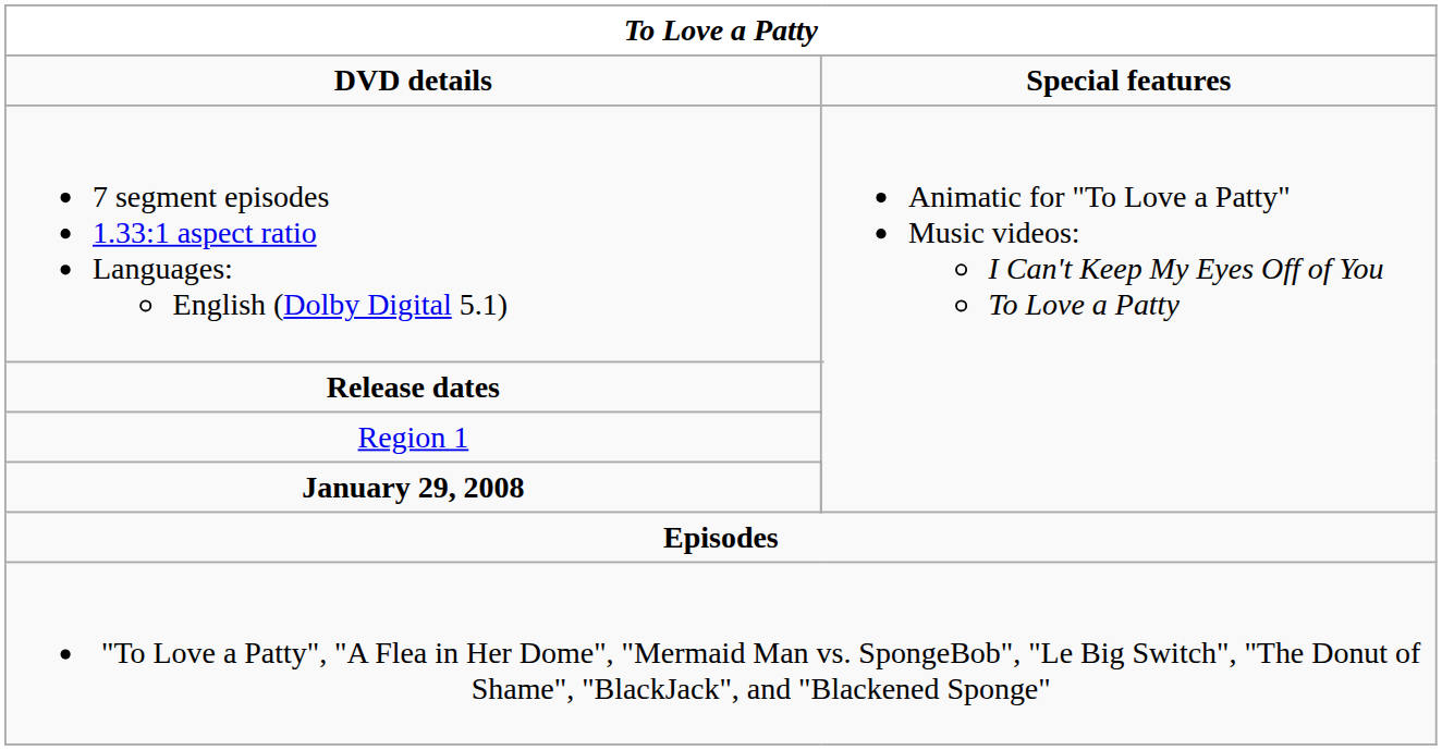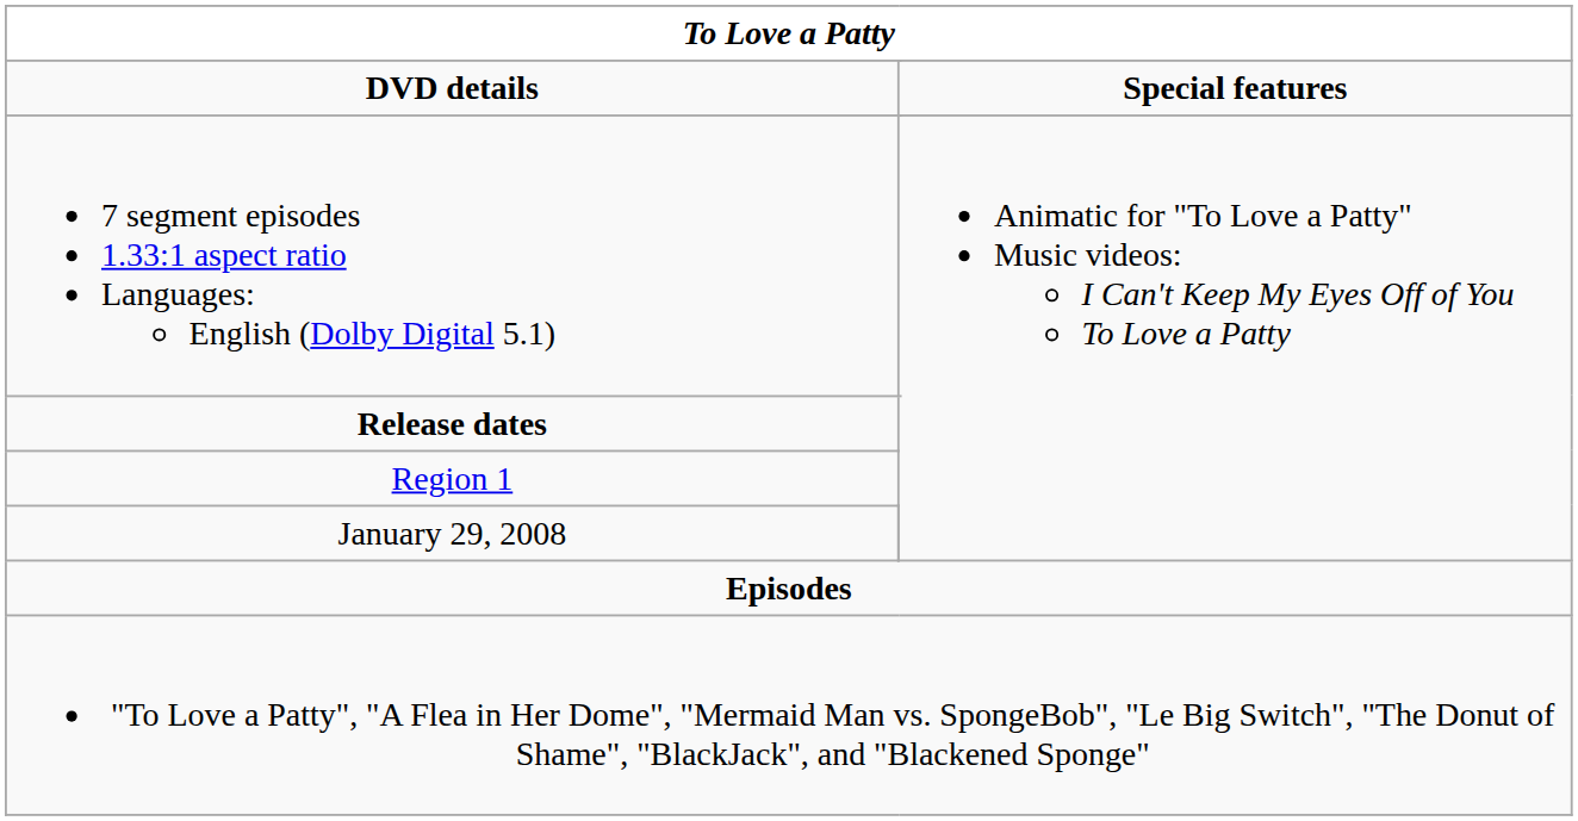 <table class="wikitable" style="font-size: 95%;">
 <tr style="background:#FFF; color:#000;">
 <td colspan="4" align="center"><strong><em>To Love a Patty</em></strong></td>
 </tr>
 <tr valign="top">
 <td style="text-align:center; width:400px;" colspan="3"><strong>DVD details</strong></td>
 <td style="width:300px; text-align:center;"><strong>Special features</strong></td>
 </tr>
 <tr valign="top">
 <td colspan="3" style="text-align:left; width:400px;"><br><ul><li>7 segment episodes</li><li><a href='#'>1.33:1 aspect ratio</a></li><li>Languages:<ul><li>English (<a href='#'>Dolby Digital</a> 5.1)</li></ul></li></ul></td>
 <td rowspan="4" style="text-align:left; width:300px;"><br><ul><li>Animatic for "To Love a Patty"</li><li>Music videos:<ul><li><em>I Can't Keep My Eyes Off of You</em></li><li><em>To Love a Patty</em></li></ul></li></ul></td>
 </tr>
 <tr>
 <td colspan="3" style="text-align:center;"><strong>Release dates</strong></td>
 </tr>
 <tr>
 <td colspan="3" style="text-align:center;"><a href='#'>Region 1</a></td>
 </tr>
 <tr style="text-align:center;">
-<td><strong>January 29, 2008</strong></td>
+<td>January 29, 2008</td>
 </tr>
 <tr>
 <td style="text-align:center; width:400px;" colspan="4"><strong>Episodes</strong></td>
 </tr>
 <tr>
 <td style="text-align:center; width:400px;" colspan="4"><br><ul><li>"To Love a Patty", "A Flea in Her Dome", "Mermaid Man vs. SpongeBob", "Le Big Switch", "The Donut of Shame", "BlackJack", and "Blackened Sponge"</li></ul></td>
 </tr>
 </table>
